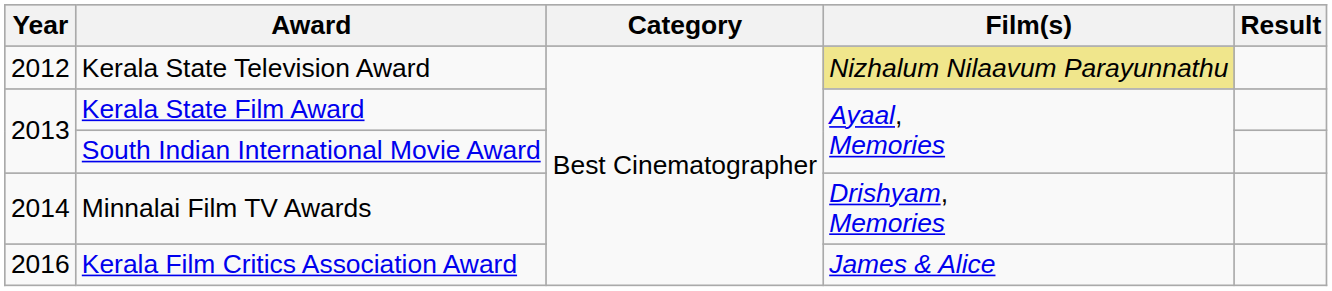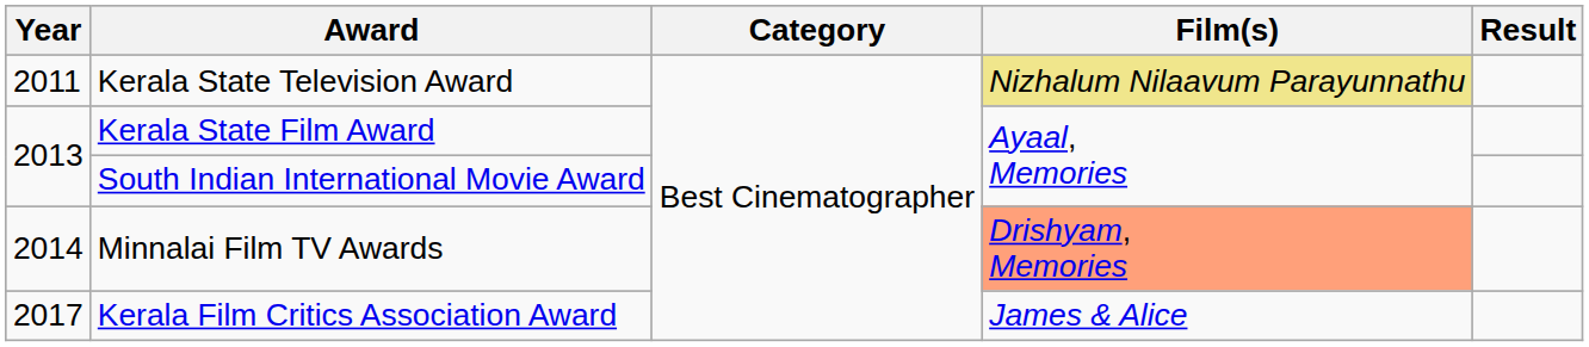 <table class = "wikitable">
 <tr>
 <th>Year</th>
 <th>Award</th>
 <th>Category</th>
 <th>Film(s)</th>
 <th>Result</th>
 </tr>
 <tr>
-<td>2012</td>
+<td>2011</td>
 <td>Kerala State Television Award</td>
 <td rowspan="5">Best Cinematographer</td>
 <td style="background: khaki;"><em>Nizhalum Nilaavum Parayunnathu</em></td>
 <td></td>
 </tr>
 <tr>
 <td rowspan="2">2013</td>
 <td><a href='#'>Kerala State Film Award</a></td>
 <td rowspan="2"><em><a href='#'>Ayaal</a></em>,<br><em><a href='#'>Memories</a></em></td>
 <td></td>
 </tr>
 <tr>
 <td><a href='#'>South Indian International Movie Award</a></td>
 <td></td>
 </tr>
 <tr>
 <td>2014</td>
 <td>Minnalai Film TV Awards</td>
-<td><em><a href='#'>Drishyam</a></em>,<br><em><a href='#'>Memories</a></em></td>
+<td style="background: lightsalmon;"><em><a href='#'>Drishyam</a></em>,<br><em><a href='#'>Memories</a></em></td>
 <td></td>
 </tr>
 <tr>
-<td>2016</td>
+<td>2017</td>
 <td><a href='#'>Kerala Film Critics Association Award</a></td>
 <td><em><a href='#'>James & Alice</a></em></td>
 <td></td>
 </tr>
 </table>
